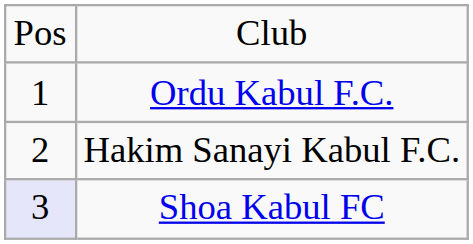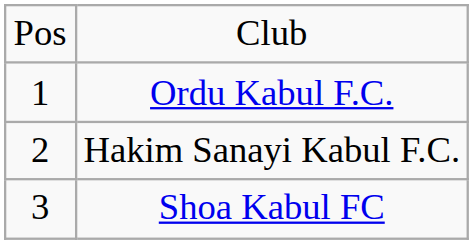 <table class="wikitable" style="text-align: center;">
 <tr>
 <td>Pos</td>
 <td>Club</td>
 </tr>
 <tr>
 <td>1</td>
 <td><a href='#'>Ordu Kabul F.C.</a></td>
 </tr>
 <tr>
 <td>2</td>
 <td>Hakim Sanayi Kabul F.C.</td>
 </tr>
 <tr>
-<td style="background: lavender;">3</td>
+<td>3</td>
 <td><a href='#'>Shoa Kabul FC</a></td>
 </tr>
 </table>
